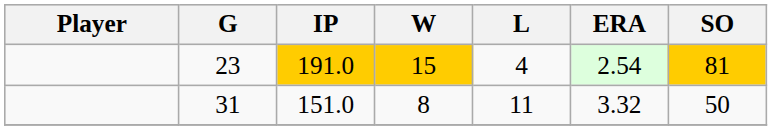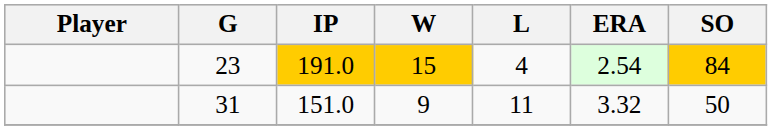 <table class="wikitable sortable">
 <tr>
 <th bgcolor="#DDDDFF" width="16%">Player</th>
 <th bgcolor="#DDDDFF" width="9%">G</th>
 <th bgcolor="#DDDDFF" width="9%">IP</th>
 <th bgcolor="#DDDDFF" width="9%">W</th>
 <th bgcolor="#DDDDFF" width="9%">L</th>
 <th bgcolor="#DDDDFF" width="9%">ERA</th>
 <th bgcolor="#DDDDFF" width="9%">SO</th>
 </tr>
 <tr align="center">
 <td></td>
 <td>23</td>
 <td style="background:#fc0;">191.0</td>
 <td style="background:#fc0;">15</td>
 <td>4</td>
 <td style="background:#DDFFDD;">2.54</td>
-<td style="background:#fc0;">81</td>
+<td style="background:#fc0;">84</td>
 </tr>
 <tr align="center">
 <td></td>
 <td>31</td>
 <td>151.0</td>
-<td>8</td>
+<td>9</td>
 <td>11</td>
 <td>3.32</td>
 <td>50</td>
 </tr>
 <tr align="center">
 </tr>
 </table>
